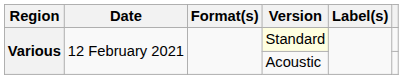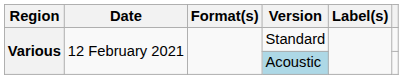 <table class="wikitable plainrowheaders">
 <tr>
 <th scope="col">Region</th>
 <th scope="col">Date</th>
 <th scope="col">Format(s)</th>
 <th scope="col">Version</th>
 <th scope="col">Label(s)</th>
 <th scope="col"></th>
 </tr>
 <tr>
 <th scope="row" rowspan="2">Various</th>
 <td rowspan="2">12 February 2021</td>
 <td rowspan="2"></td>
-<td style="background: lightyellow;">Standard</td>
+<td>Standard</td>
 <td rowspan="2"></td>
 <td></td>
 </tr>
 <tr>
-<td>Acoustic</td>
+<td style="background: lightblue;">Acoustic</td>
 <td></td>
 </tr>
 </table>
